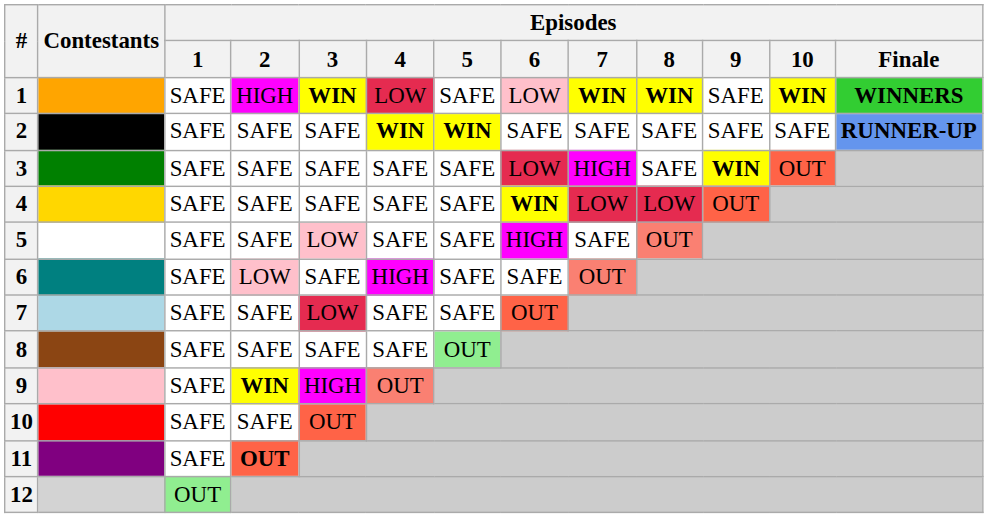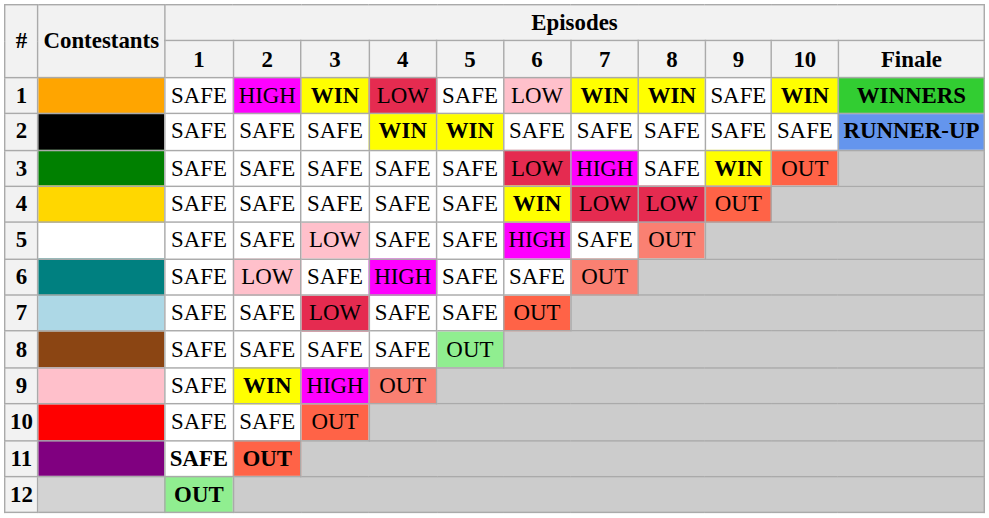 <table class="wikitable" style="text-align:center; background:white">
 <tr>
 <th rowspan=2>#</th>
 <th rowspan=2>Contestants</th>
 <th colspan=11>Episodes</th>
 </tr>
 <tr>
 <th>1</th>
 <th>2</th>
 <th>3</th>
 <th>4</th>
 <th>5</th>
 <th>6</th>
 <th>7</th>
 <th>8</th>
 <th>9</th>
 <th>10</th>
 <th>Finale</th>
 </tr>
 <tr>
 <th>1</th>
 <td bgcolor="orange"><strong></strong></td>
 <td>SAFE</td>
 <td bgcolor="magenta">HIGH</td>
 <td bgcolor="yellow"><strong>WIN</strong></td>
 <td bgcolor="#E52B50">LOW</td>
 <td>SAFE</td>
 <td bgcolor="pink">LOW</td>
 <td bgcolor="yellow"><strong>WIN</strong></td>
 <td bgcolor="yellow"><strong>WIN</strong></td>
 <td>SAFE</td>
 <td bgcolor="yellow"><strong>WIN</strong></td>
 <td bgcolor="limegreen"><strong>WINNERS</strong></td>
 </tr>
 <tr>
 <th>2</th>
 <td bgcolor="black"><span><strong></strong></span></td>
 <td>SAFE</td>
 <td>SAFE</td>
 <td>SAFE</td>
 <td bgcolor="yellow"><strong>WIN</strong></td>
 <td bgcolor="yellow"><strong>WIN</strong></td>
 <td>SAFE</td>
 <td>SAFE</td>
 <td>SAFE</td>
 <td>SAFE</td>
 <td>SAFE</td>
 <td bgcolor="cornflowerblue"><strong>RUNNER-UP</strong></td>
 </tr>
 <tr>
 <th>3</th>
 <td bgcolor="green"><span><strong></strong></span></td>
 <td>SAFE</td>
 <td>SAFE</td>
 <td>SAFE</td>
 <td>SAFE</td>
 <td>SAFE</td>
 <td bgcolor="#E52B50">LOW</td>
 <td bgcolor="magenta">HIGH</td>
 <td>SAFE</td>
 <td bgcolor="yellow"><strong>WIN</strong></td>
 <td bgcolor="tomato">OUT</td>
 <td bgcolor="#CCCCCC" colspan="1"></td>
 </tr>
 <tr>
 <th>4</th>
 <td bgcolor="gold"><strong></strong></td>
 <td>SAFE</td>
 <td>SAFE</td>
 <td>SAFE</td>
 <td>SAFE</td>
 <td>SAFE</td>
 <td bgcolor="yellow"><strong>WIN</strong></td>
 <td bgcolor="#E52B50">LOW</td>
 <td bgcolor="#E52B50">LOW</td>
 <td bgcolor="tomato">OUT</td>
 <td bgcolor="#CCCCCC" colspan="2"></td>
 </tr>
 <tr>
 <th>5</th>
 <td bgcolor="white"><strong></strong></td>
 <td>SAFE</td>
 <td>SAFE</td>
 <td bgcolor="pink">LOW</td>
 <td>SAFE</td>
 <td>SAFE</td>
 <td bgcolor="magenta">HIGH</td>
 <td>SAFE</td>
 <td bgcolor="salmon">OUT</td>
 <td bgcolor="#CCCCCC" colspan="3"></td>
 </tr>
 <tr>
 <th>6</th>
 <td bgcolor="teal"><span><strong></strong></span></td>
 <td>SAFE</td>
 <td bgcolor="pink">LOW</td>
 <td>SAFE</td>
 <td bgcolor="magenta">HIGH</td>
 <td>SAFE</td>
 <td>SAFE</td>
 <td bgcolor="salmon">OUT</td>
 <td bgcolor="#CCCCCC" colspan="4"></td>
 </tr>
 <tr>
 <th>7</th>
 <td bgcolor="lightblue"><strong></strong></td>
 <td>SAFE</td>
 <td>SAFE</td>
 <td bgcolor="#E52B50">LOW</td>
 <td>SAFE</td>
 <td>SAFE</td>
 <td bgcolor="tomato">OUT</td>
 <td bgcolor="#CCCCCC" colspan="5"></td>
 </tr>
 <tr>
 <th>8</th>
 <td bgcolor="saddlebrown"><span><strong></strong></span></td>
 <td>SAFE</td>
 <td>SAFE</td>
 <td>SAFE</td>
 <td>SAFE</td>
 <td bgcolor="lightgreen">OUT</td>
 <td bgcolor="#CCCCCC" colspan="6"></td>
 </tr>
 <tr>
 <th>9</th>
 <td bgcolor="pink"><strong></strong></td>
 <td>SAFE</td>
 <td bgcolor="yellow"><strong>WIN</strong></td>
 <td bgcolor="magenta">HIGH</td>
 <td bgcolor="salmon">OUT</td>
 <td bgcolor="#CCCCCC" colspan="7"></td>
 </tr>
 <tr>
 <th>10</th>
 <td bgcolor="red"><span><strong></strong></span></td>
 <td>SAFE</td>
 <td>SAFE</td>
 <td bgcolor="tomato">OUT</td>
 <td bgcolor="#CCCCCC" colspan="8"></td>
 </tr>
 <tr>
 <th>11</th>
 <td bgcolor="purple"><span><strong></strong></span></td>
-<td>SAFE</td>
+<td><strong>SAFE</strong></td>
 <td bgcolor="tomato"><strong>OUT</strong></td>
 <td bgcolor="#CCCCCC" colspan="9"></td>
 </tr>
 <tr>
 <th>12</th>
 <td bgcolor="lightgrey"><strong></strong></td>
-<td bgcolor="lightgreen">OUT</td>
+<td bgcolor="lightgreen"><strong>OUT</strong></td>
 <td bgcolor="#CCCCCC" colspan="10"></td>
 </tr>
 </table>
